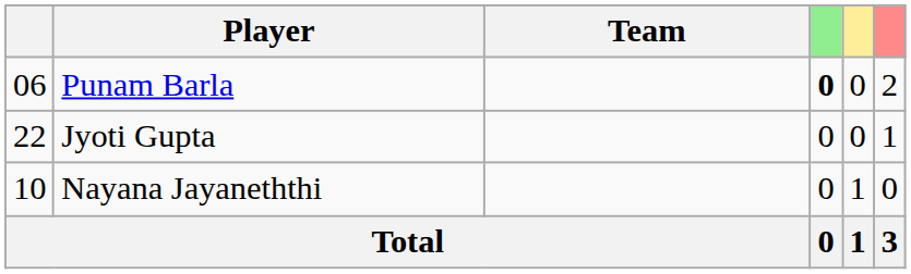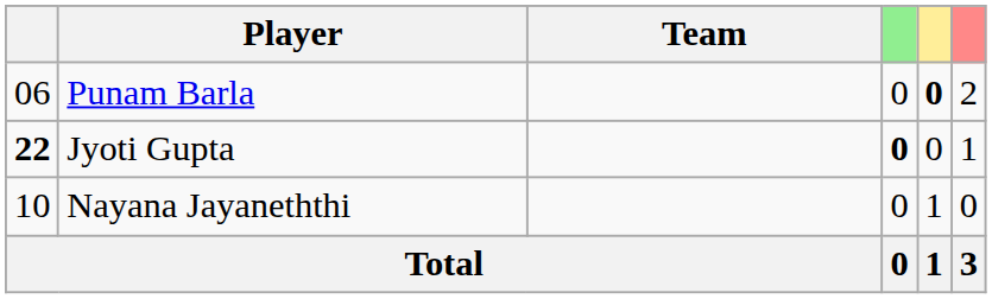 <table class="wikitable" style="text-align: left;">
 <tr>
 <th></th>
 <th style="width: 200px;">Player</th>
 <th style="width: 150px;">Team</th>
 <th style="background:#90ee90;"></th>
 <th style="background:#fe9;"></th>
 <th style="background:#ff8888;"></th>
 </tr>
 <tr>
 <td>06</td>
 <td><a href='#'>Punam Barla</a></td>
 <td></td>
+<td>0</td>
 <td><strong>0</strong></td>
-<td>0</td>
 <td>2</td>
 </tr>
 <tr>
-<td>22</td>
+<td><strong>22</strong></td>
 <td>Jyoti Gupta</td>
 <td></td>
-<td>0</td>
+<td><strong>0</strong></td>
 <td>0</td>
 <td>1</td>
 </tr>
 <tr>
 <td>10</td>
 <td>Nayana Jayaneththi</td>
 <td></td>
 <td>0</td>
 <td>1</td>
 <td>0</td>
 </tr>
 <tr>
 <th colspan="3">Total</th>
 <th>0</th>
 <th>1</th>
 <th>3</th>
 </tr>
 </table>
